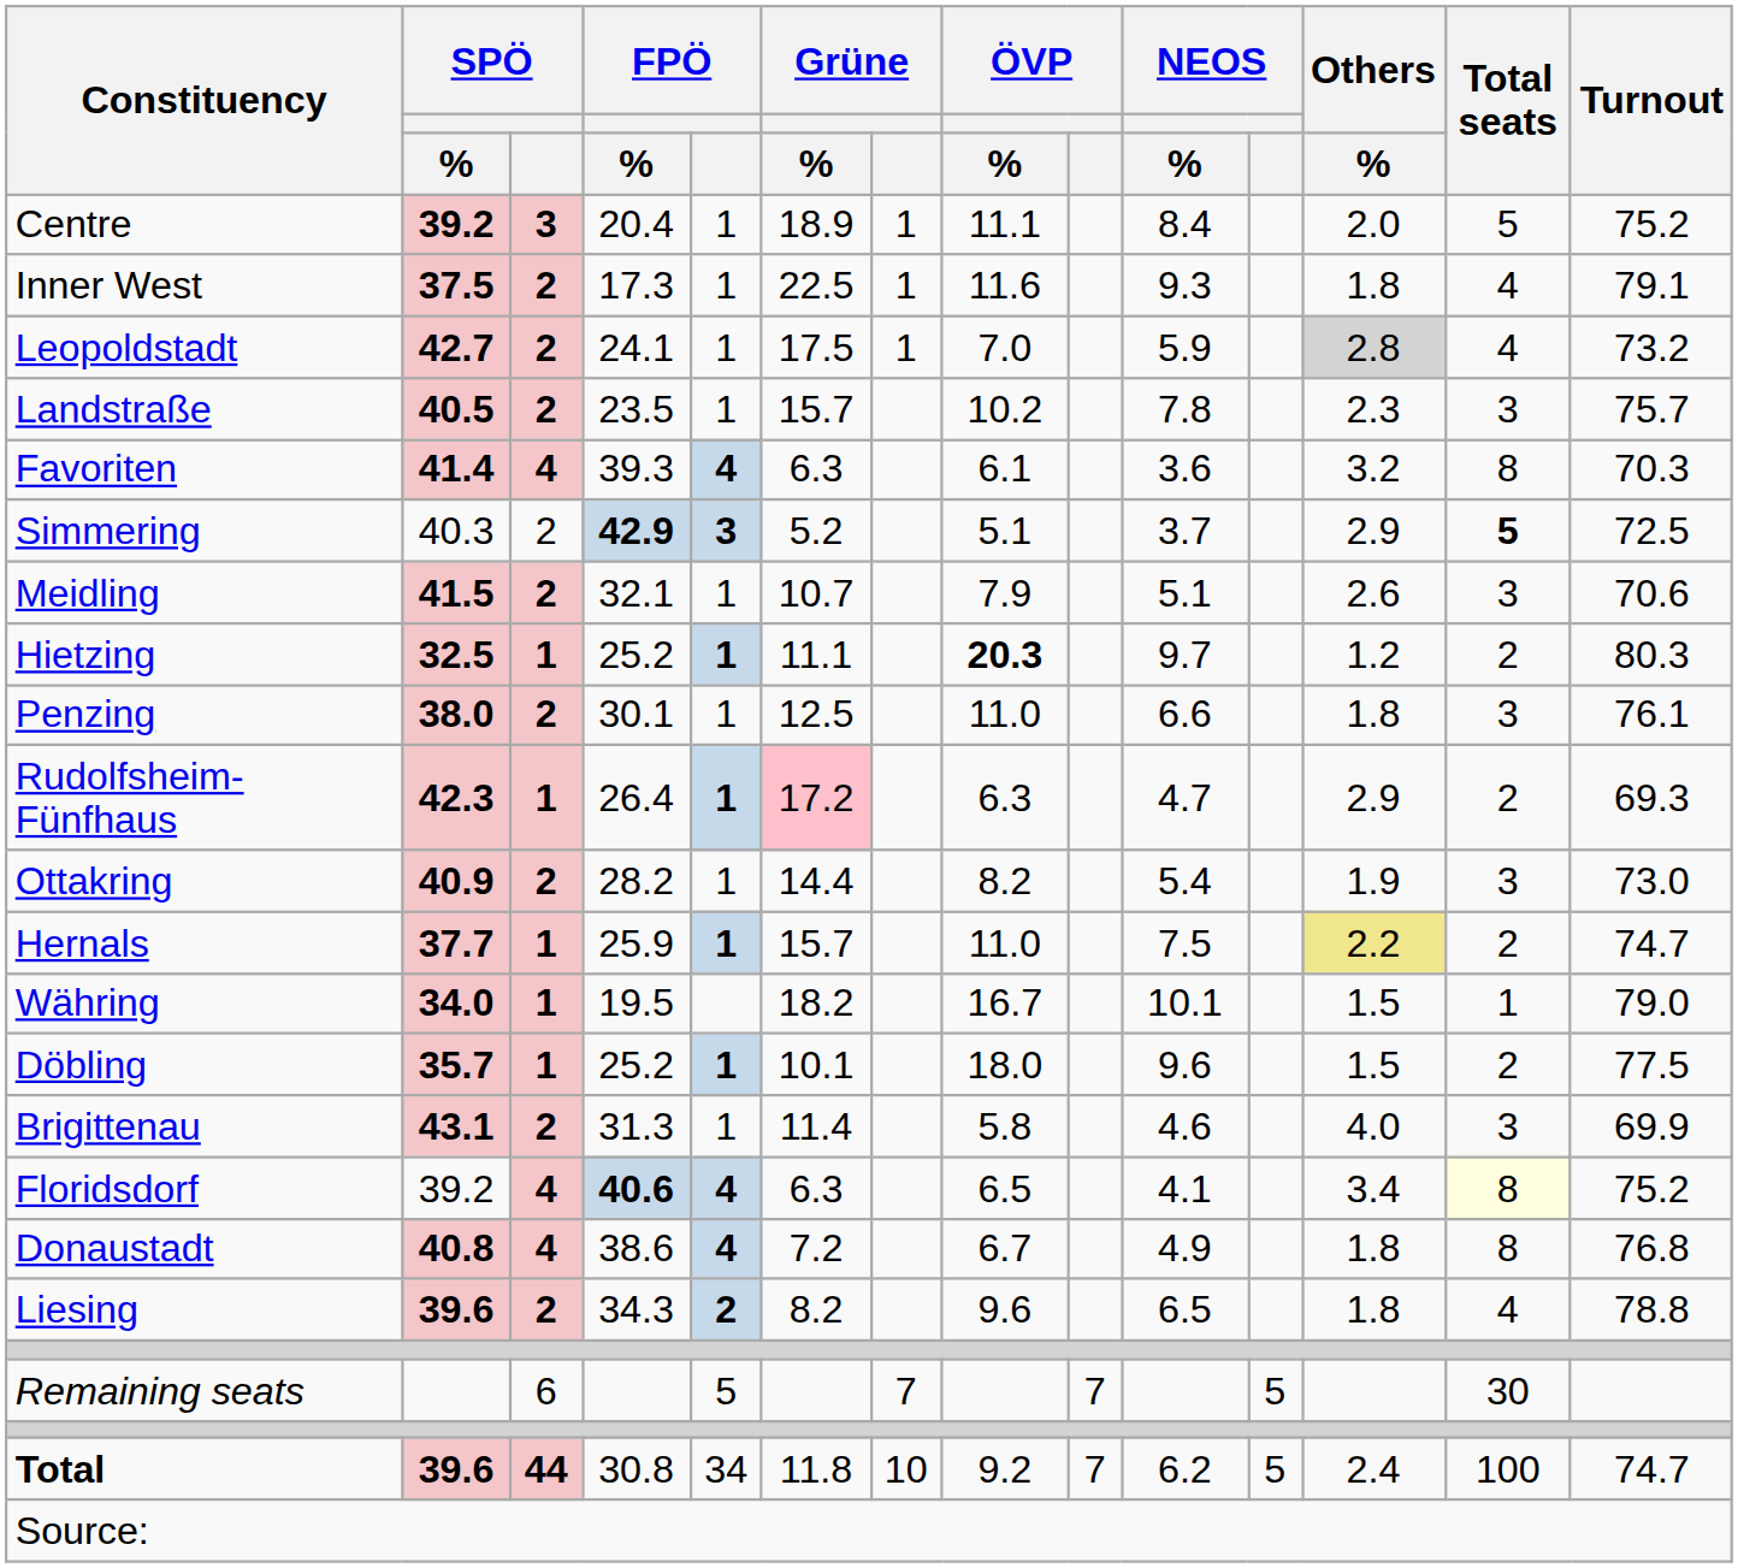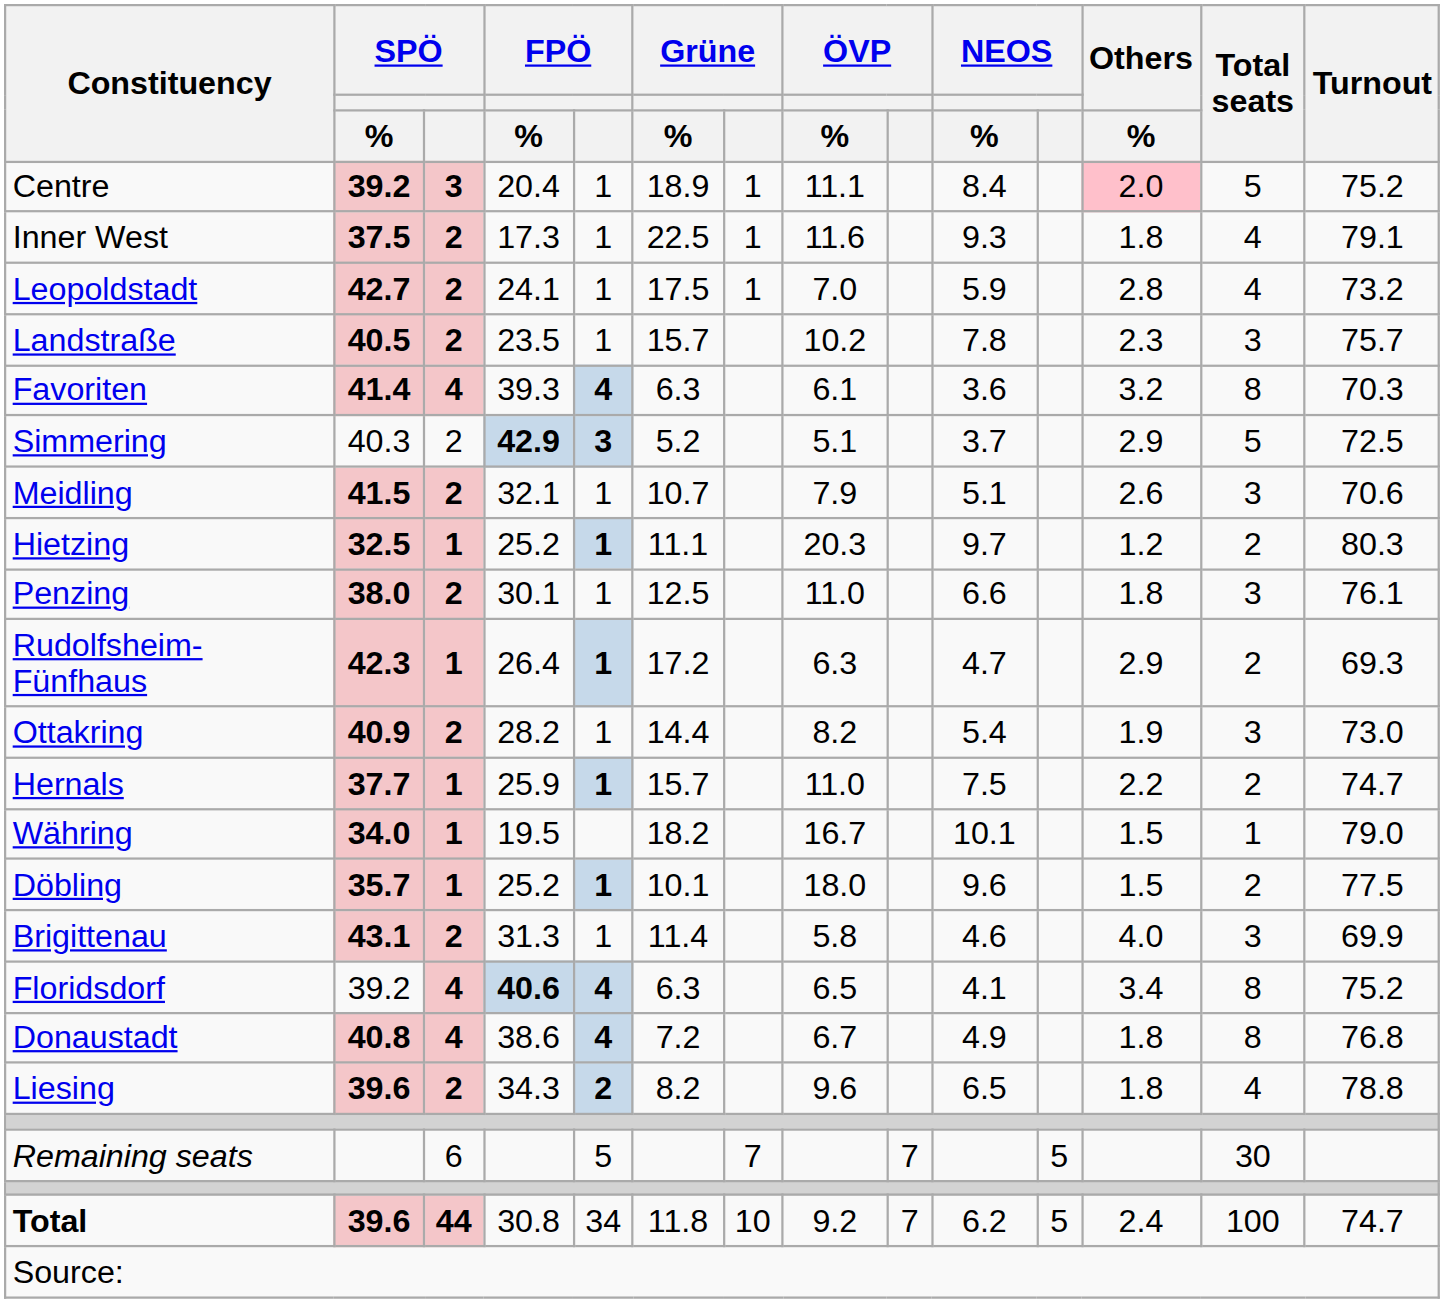 <table class="wikitable" style="text-align:center;font-size:90%;line-height:16px">
 <tr style="height:40px;">
 <th style="width:140px;" rowspan="3">Constituency</th>
 <th style="width:60px;" colspan="2"><a href='#'>SPÖ</a></th>
 <th style="width:60px;" colspan="2"><a href='#'>FPÖ</a></th>
 <th style="width:60px;" colspan="2"><a href='#'>Grüne</a></th>
 <th style="width:60px;" colspan="2"><a href='#'>ÖVP</a></th>
 <th style="width:60px;" colspan="2"><a href='#'>NEOS</a></th>
 <th class="unsortable" style="width:40px;" rowspan="2">Others</th>
 <th class="unsortable" style="width:40px;" rowspan="3">Total<br>seats</th>
 <th class="unsortable" style="width:40px;" rowspan="3">Turnout</th>
 </tr>
 <tr>
 <th colspan="2" style="background:"></th>
 <th colspan="2" style="background:"></th>
 <th colspan="2" style="background:"></th>
 <th colspan="2" style="background:"></th>
 <th colspan="2" style="background:"></th>
 </tr>
 <tr>
 <th class=unsortable>%</th>
 <th class=unsortable></th>
 <th class=unsortable>%</th>
 <th class=unsortable></th>
 <th class=unsortable>%</th>
 <th class=unsortable></th>
 <th class=unsortable>%</th>
 <th class=unsortable></th>
 <th class=unsortable>%</th>
 <th class=unsortable></th>
 <th class=unsortable>%</th>
 </tr>
 <tr>
 <td align=left>Centre</td>
 <td bgcolor=#F4C6C9><strong>39.2</strong></td>
 <td bgcolor=#F4C6C9><strong>3</strong></td>
 <td>20.4</td>
 <td>1</td>
 <td>18.9</td>
 <td>1</td>
 <td>11.1</td>
 <td></td>
 <td>8.4</td>
 <td></td>
-<td>2.0</td>
+<td style="background: pink;">2.0</td>
 <td>5</td>
 <td>75.2</td>
 </tr>
 <tr>
 <td align=left>Inner West</td>
 <td bgcolor=#F4C6C9><strong>37.5</strong></td>
 <td bgcolor=#F4C6C9><strong>2</strong></td>
 <td>17.3</td>
 <td>1</td>
 <td>22.5</td>
 <td>1</td>
 <td>11.6</td>
 <td></td>
 <td>9.3</td>
 <td></td>
 <td>1.8</td>
 <td>4</td>
 <td>79.1</td>
 </tr>
 <tr>
 <td align=left><a href='#'>Leopoldstadt</a></td>
 <td bgcolor=#F4C6C9><strong>42.7</strong></td>
 <td bgcolor=#F4C6C9><strong>2</strong></td>
 <td>24.1</td>
 <td>1</td>
 <td>17.5</td>
 <td>1</td>
 <td>7.0</td>
 <td></td>
 <td>5.9</td>
 <td></td>
-<td style="background: lightgrey;">2.8</td>
+<td>2.8</td>
 <td>4</td>
 <td>73.2</td>
 </tr>
 <tr>
 <td align=left><a href='#'>Landstraße</a></td>
 <td bgcolor=#F4C6C9><strong>40.5</strong></td>
 <td bgcolor=#F4C6C9><strong>2</strong></td>
 <td>23.5</td>
 <td>1</td>
 <td>15.7</td>
 <td></td>
 <td>10.2</td>
 <td></td>
 <td>7.8</td>
 <td></td>
 <td>2.3</td>
 <td>3</td>
 <td>75.7</td>
 </tr>
 <tr>
 <td align=left><a href='#'>Favoriten</a></td>
 <td bgcolor=#F4C6C9><strong>41.4</strong></td>
 <td bgcolor=#F4C6C9><strong>4</strong></td>
 <td>39.3</td>
 <td bgcolor=#C6D9EA><strong>4</strong></td>
 <td>6.3</td>
 <td></td>
 <td>6.1</td>
 <td></td>
 <td>3.6</td>
 <td></td>
 <td>3.2</td>
 <td>8</td>
 <td>70.3</td>
 </tr>
 <tr>
 <td align=left><a href='#'>Simmering</a></td>
 <td>40.3</td>
 <td>2</td>
 <td bgcolor=#C6D9EA><strong>42.9</strong></td>
 <td bgcolor=#C6D9EA><strong>3</strong></td>
 <td>5.2</td>
 <td></td>
 <td>5.1</td>
 <td></td>
 <td>3.7</td>
 <td></td>
 <td>2.9</td>
-<td><strong>5</strong></td>
+<td>5</td>
 <td>72.5</td>
 </tr>
 <tr>
 <td align=left><a href='#'>Meidling</a></td>
 <td bgcolor=#F4C6C9><strong>41.5</strong></td>
 <td bgcolor=#F4C6C9><strong>2</strong></td>
 <td>32.1</td>
 <td>1</td>
 <td>10.7</td>
 <td></td>
 <td>7.9</td>
 <td></td>
 <td>5.1</td>
 <td></td>
 <td>2.6</td>
 <td>3</td>
 <td>70.6</td>
 </tr>
 <tr>
 <td align=left><a href='#'>Hietzing</a></td>
 <td bgcolor=#F4C6C9><strong>32.5</strong></td>
 <td bgcolor=#F4C6C9><strong>1</strong></td>
 <td>25.2</td>
 <td bgcolor=#C6D9EA><strong>1</strong></td>
 <td>11.1</td>
 <td></td>
-<td><strong>20.3</strong></td>
+<td>20.3</td>
 <td></td>
 <td>9.7</td>
 <td></td>
 <td>1.2</td>
 <td>2</td>
 <td>80.3</td>
 </tr>
 <tr>
 <td align=left><a href='#'>Penzing</a></td>
 <td bgcolor=#F4C6C9><strong>38.0</strong></td>
 <td bgcolor=#F4C6C9><strong>2</strong></td>
 <td>30.1</td>
 <td>1</td>
 <td>12.5</td>
 <td></td>
 <td>11.0</td>
 <td></td>
 <td>6.6</td>
 <td></td>
 <td>1.8</td>
 <td>3</td>
 <td>76.1</td>
 </tr>
 <tr>
 <td align=left><a href='#'>Rudolfsheim-Fünfhaus</a></td>
 <td bgcolor=#F4C6C9><strong>42.3</strong></td>
 <td bgcolor=#F4C6C9><strong>1</strong></td>
 <td>26.4</td>
 <td bgcolor=#C6D9EA><strong>1</strong></td>
-<td style="background: pink;">17.2</td>
+<td>17.2</td>
 <td></td>
 <td>6.3</td>
 <td></td>
 <td>4.7</td>
 <td></td>
 <td>2.9</td>
 <td>2</td>
 <td>69.3</td>
 </tr>
 <tr>
 <td align=left><a href='#'>Ottakring</a></td>
 <td bgcolor=#F4C6C9><strong>40.9</strong></td>
 <td bgcolor=#F4C6C9><strong>2</strong></td>
 <td>28.2</td>
 <td>1</td>
 <td>14.4</td>
 <td></td>
 <td>8.2</td>
 <td></td>
 <td>5.4</td>
 <td></td>
 <td>1.9</td>
 <td>3</td>
 <td>73.0</td>
 </tr>
 <tr>
 <td align=left><a href='#'>Hernals</a></td>
 <td bgcolor=#F4C6C9><strong>37.7</strong></td>
 <td bgcolor=#F4C6C9><strong>1</strong></td>
 <td>25.9</td>
 <td bgcolor=#C6D9EA><strong>1</strong></td>
 <td>15.7</td>
 <td></td>
 <td>11.0</td>
 <td></td>
 <td>7.5</td>
 <td></td>
-<td style="background: khaki;">2.2</td>
+<td>2.2</td>
 <td>2</td>
 <td>74.7</td>
 </tr>
 <tr>
 <td align=left><a href='#'>Währing</a></td>
 <td bgcolor=#F4C6C9><strong>34.0</strong></td>
 <td bgcolor=#F4C6C9><strong>1</strong></td>
 <td>19.5</td>
 <td></td>
 <td>18.2</td>
 <td></td>
 <td>16.7</td>
 <td></td>
 <td>10.1</td>
 <td></td>
 <td>1.5</td>
 <td>1</td>
 <td>79.0</td>
 </tr>
 <tr>
 <td align=left><a href='#'>Döbling</a></td>
 <td bgcolor=#F4C6C9><strong>35.7</strong></td>
 <td bgcolor=#F4C6C9><strong>1</strong></td>
 <td>25.2</td>
 <td bgcolor=#C6D9EA><strong>1</strong></td>
 <td>10.1</td>
 <td></td>
 <td>18.0</td>
 <td></td>
 <td>9.6</td>
 <td></td>
 <td>1.5</td>
 <td>2</td>
 <td>77.5</td>
 </tr>
 <tr>
 <td align=left><a href='#'>Brigittenau</a></td>
 <td bgcolor=#F4C6C9><strong>43.1</strong></td>
 <td bgcolor=#F4C6C9><strong>2</strong></td>
 <td>31.3</td>
 <td>1</td>
 <td>11.4</td>
 <td></td>
 <td>5.8</td>
 <td></td>
 <td>4.6</td>
 <td></td>
 <td>4.0</td>
 <td>3</td>
 <td>69.9</td>
 </tr>
 <tr>
 <td align=left><a href='#'>Floridsdorf</a></td>
 <td>39.2</td>
 <td bgcolor=#F4C6C9><strong>4</strong></td>
 <td bgcolor=#C6D9EA><strong>40.6</strong></td>
 <td bgcolor=#C6D9EA><strong>4</strong></td>
 <td>6.3</td>
 <td></td>
 <td>6.5</td>
 <td></td>
 <td>4.1</td>
 <td></td>
 <td>3.4</td>
-<td style="background: lightyellow;">8</td>
+<td>8</td>
 <td>75.2</td>
 </tr>
 <tr>
 <td align=left><a href='#'>Donaustadt</a></td>
 <td bgcolor=#F4C6C9><strong>40.8</strong></td>
 <td bgcolor=#F4C6C9><strong>4</strong></td>
 <td>38.6</td>
 <td bgcolor=#C6D9EA><strong>4</strong></td>
 <td>7.2</td>
 <td></td>
 <td>6.7</td>
 <td></td>
 <td>4.9</td>
 <td></td>
 <td>1.8</td>
 <td>8</td>
 <td>76.8</td>
 </tr>
 <tr>
 <td align=left><a href='#'>Liesing</a></td>
 <td bgcolor=#F4C6C9><strong>39.6</strong></td>
 <td bgcolor=#F4C6C9><strong>2</strong></td>
 <td>34.3</td>
 <td bgcolor=#C6D9EA><strong>2</strong></td>
 <td>8.2</td>
 <td></td>
 <td>9.6</td>
 <td></td>
 <td>6.5</td>
 <td></td>
 <td>1.8</td>
 <td>4</td>
 <td>78.8</td>
 </tr>
 <tr>
 <td colspan=14 bgcolor=lightgrey></td>
 </tr>
 <tr>
 <td align=left><em>Remaining seats</em></td>
 <td></td>
 <td>6</td>
 <td></td>
 <td>5</td>
 <td></td>
 <td>7</td>
 <td></td>
 <td>7</td>
 <td></td>
 <td>5</td>
 <td></td>
 <td>30</td>
 <td></td>
 </tr>
 <tr>
 <td colspan=14 bgcolor=lightgrey></td>
 </tr>
 <tr>
 <td align=left><strong>Total</strong></td>
 <td bgcolor=#F4C6C9><strong>39.6</strong></td>
 <td bgcolor=#F4C6C9><strong>44</strong></td>
 <td>30.8</td>
 <td>34</td>
 <td>11.8</td>
 <td>10</td>
 <td>9.2</td>
 <td>7</td>
 <td>6.2</td>
 <td>5</td>
 <td>2.4</td>
 <td>100</td>
 <td>74.7</td>
 </tr>
 <tr class=sortbottom>
 <td colspan=14 align=left>Source: </td>
 </tr>
 </table>
